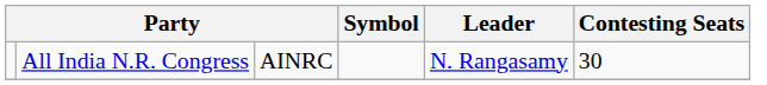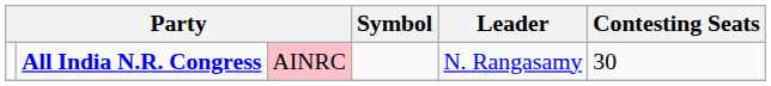 <table class="wikitable">
 <tr>
 <th colspan=3>Party</th>
 <th>Symbol</th>
 <th>Leader</th>
 <th>Contesting Seats</th>
 </tr>
 <tr>
 <td></td>
-<td><a href='#'>All India N.R. Congress</a></td>
-<td>AINRC</td>
+<td><strong><a href='#'>All India N.R. Congress</a></strong></td>
+<td style="background: pink;">AINRC</td>
 <td></td>
 <td><a href='#'>N. Rangasamy</a></td>
 <td>30</td>
 </tr>
 <tr>
 </tr>
 </table>
